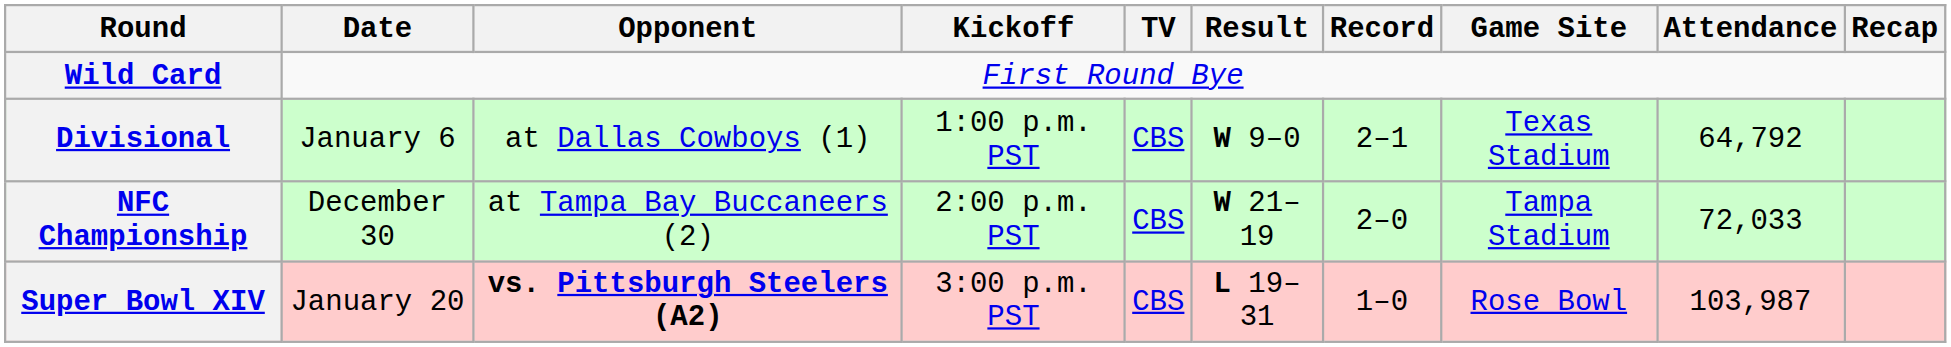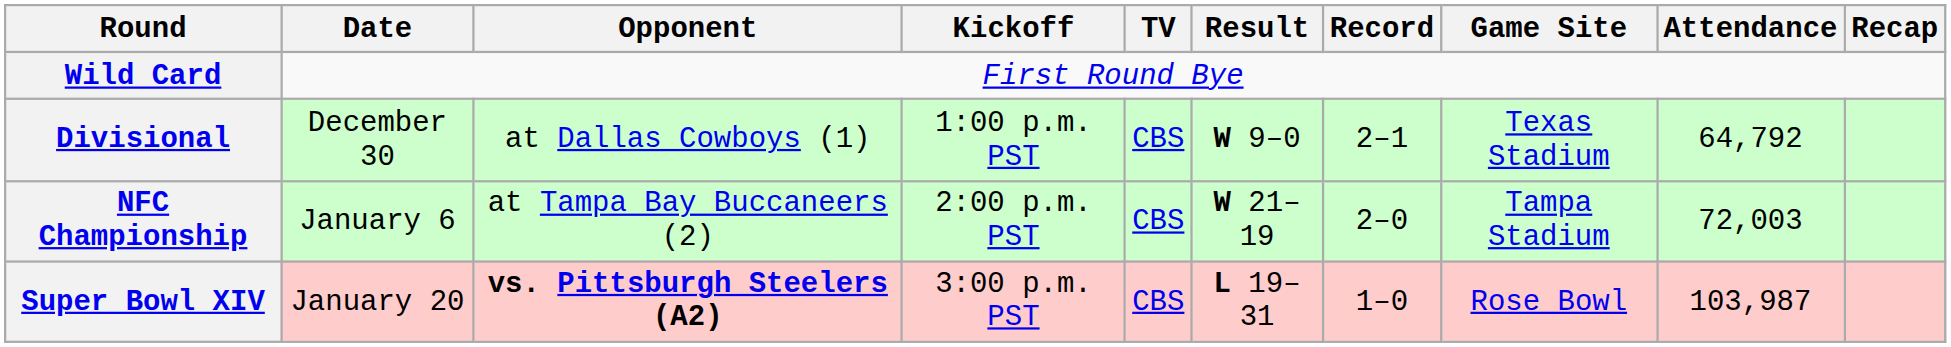 <table class="wikitable" style="text-align:center">
 <tr>
 <th>Round</th>
 <th>Date</th>
 <th>Opponent</th>
 <th>Kickoff</th>
 <th>TV</th>
 <th>Result</th>
 <th>Record</th>
 <th>Game Site</th>
 <th>Attendance</th>
 <th>Recap</th>
 </tr>
 <tr>
 <th><a href='#'>Wild Card</a></th>
 <td colspan=10><em><a href='#'>First Round Bye</a></em></td>
 </tr>
 <tr style="background:#cfc">
 <th><a href='#'>Divisional</a></th>
-<td>January 6</td>
+<td>December 30</td>
 <td>at <a href='#'>Dallas Cowboys</a> (1)</td>
 <td>1:00 p.m. <a href='#'>PST</a></td>
 <td><a href='#'>CBS</a></td>
 <td><strong>W</strong> 9–0</td>
 <td>2–1</td>
 <td><a href='#'>Texas Stadium</a></td>
 <td>64,792</td>
 <td></td>
 </tr>
 <tr style="background:#cfc">
 <th><a href='#'>NFC Championship</a></th>
-<td>December 30</td>
+<td>January 6</td>
 <td>at <a href='#'>Tampa Bay Buccaneers</a> (2)</td>
 <td>2:00 p.m. <a href='#'>PST</a></td>
 <td><a href='#'>CBS</a></td>
 <td><strong>W</strong> 21–19</td>
 <td>2–0</td>
 <td><a href='#'>Tampa Stadium</a></td>
-<td>72,033</td>
+<td>72,003</td>
 <td></td>
 </tr>
 <tr style="background:#fcc">
 <th><a href='#'>Super Bowl XIV</a></th>
 <td>January 20</td>
 <td><strong>vs. <a href='#'>Pittsburgh Steelers</a> (A2)</strong></td>
 <td>3:00 p.m. <a href='#'>PST</a></td>
 <td><a href='#'>CBS</a></td>
 <td><strong>L</strong> 19–31</td>
 <td>1–0</td>
 <td><a href='#'>Rose Bowl</a></td>
 <td>103,987</td>
 <td></td>
 </tr>
 </table>
